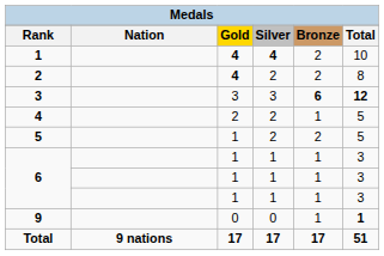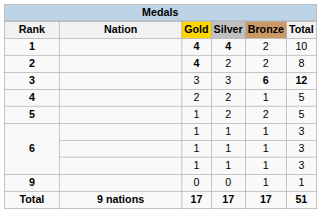 <table class="wikitable" style="text-align:center">
 <tr>
 <td colspan="6" style="background:#BCD4E6"><strong>Medals</strong></td>
 </tr>
 <tr>
 </tr>
 <tr style="background-color:#EDEDED;">
 <th width="75px" class="hintergrundfarbe5">Rank</th>
 <th width="175px" class="hintergrundfarbe6">Nation</th>
 <th style="background:    gold; width:35px ">Gold</th>
 <th style="background:  silver; width:35px ">Silver</th>
 <th style="background: #CC9966; width:35px ">Bronze</th>
 <th width="35px">Total</th>
 </tr>
 <tr>
 <td><strong>1</strong></td>
 <td align=left><strong></strong></td>
 <td><strong>4</strong></td>
 <td><strong>4</strong></td>
 <td>2</td>
 <td>10</td>
 </tr>
 <tr>
 <td><strong>2</strong></td>
 <td align=left><em></em></td>
 <td><strong>4</strong></td>
 <td>2</td>
 <td>2</td>
 <td>8</td>
 </tr>
 <tr>
 <td><strong>3</strong></td>
 <td align=left></td>
 <td>3</td>
 <td>3</td>
 <td><strong>6</strong></td>
 <td><strong>12</strong></td>
 </tr>
 <tr>
 <td><strong>4</strong></td>
 <td align=left><em></em></td>
 <td>2</td>
 <td>2</td>
 <td>1</td>
 <td>5</td>
 </tr>
 <tr>
 <td><strong>5</strong></td>
 <td align=left></td>
 <td>1</td>
 <td>2</td>
 <td>2</td>
 <td>5</td>
 </tr>
 <tr>
 <td rowspan="3"><strong>6</strong></td>
 <td align=left></td>
 <td>1</td>
 <td>1</td>
 <td>1</td>
 <td>3</td>
 </tr>
 <tr>
 <td align=left></td>
 <td>1</td>
 <td>1</td>
 <td>1</td>
 <td>3</td>
 </tr>
 <tr>
 <td align=left></td>
 <td>1</td>
 <td>1</td>
 <td>1</td>
 <td>3</td>
 </tr>
 <tr>
 <td><strong>9</strong></td>
 <td align=left></td>
 <td>0</td>
 <td>0</td>
 <td>1</td>
-<td><strong>1</strong></td>
+<td>1</td>
 </tr>
 <tr>
 <td><strong>Total</strong></td>
 <td><strong>9 nations</strong></td>
 <td><strong>17</strong></td>
 <td><strong>17</strong></td>
 <td><strong>17</strong></td>
 <td><strong>51</strong></td>
 </tr>
 </table>
